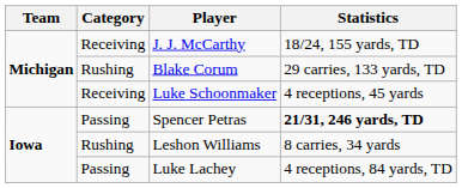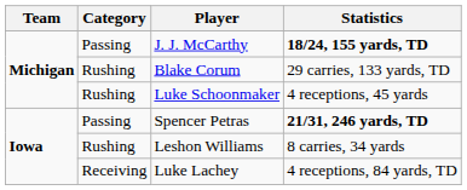 <table class="wikitable" style="float: left;">
 <tr>
 <th>Team</th>
 <th>Category</th>
 <th>Player</th>
 <th>Statistics</th>
 </tr>
 <tr>
 <td rowspan=3><strong>Michigan</strong></td>
-<td>Receiving</td>
+<td>Passing</td>
 <td><a href='#'>J. J. McCarthy</a></td>
-<td>18/24, 155 yards, TD</td>
+<td><strong>18/24, 155 yards, TD</strong></td>
 </tr>
 <tr>
 <td>Rushing</td>
 <td><a href='#'>Blake Corum</a></td>
 <td>29 carries, 133 yards, TD</td>
 </tr>
 <tr>
-<td>Receiving</td>
+<td>Rushing</td>
 <td><a href='#'>Luke Schoonmaker</a></td>
 <td>4 receptions, 45 yards</td>
 </tr>
 <tr>
 <td rowspan=3><strong>Iowa</strong></td>
 <td>Passing</td>
 <td>Spencer Petras</td>
 <td><strong>21/31, 246 yards, TD</strong></td>
 </tr>
 <tr>
 <td>Rushing</td>
 <td>Leshon Williams</td>
 <td>8 carries, 34 yards</td>
 </tr>
 <tr>
-<td>Passing</td>
+<td>Receiving</td>
 <td>Luke Lachey</td>
 <td>4 receptions, 84 yards, TD</td>
 </tr>
 </table>
